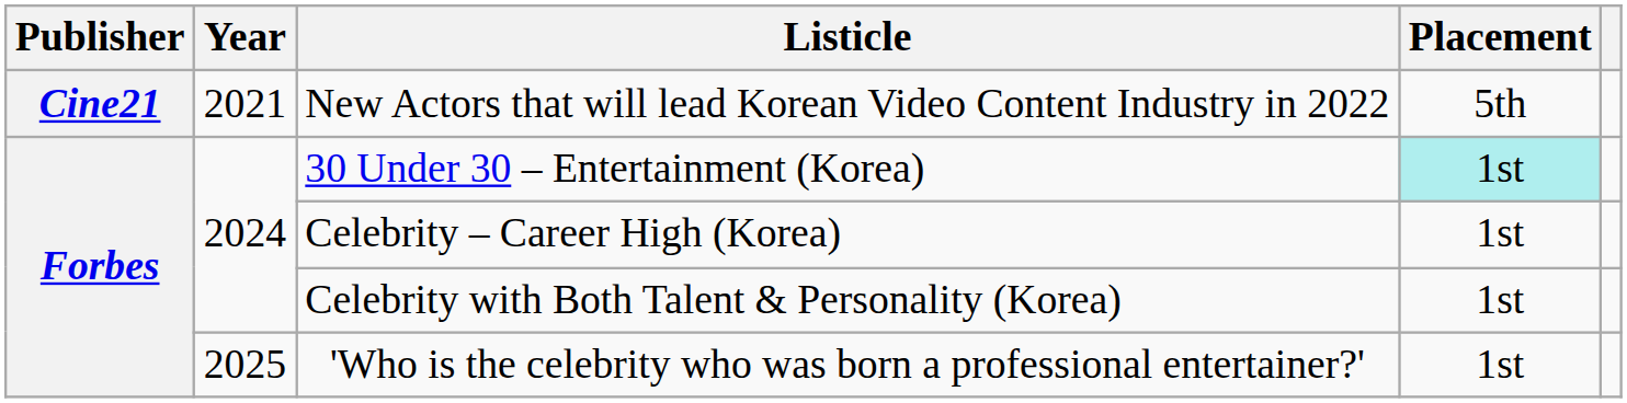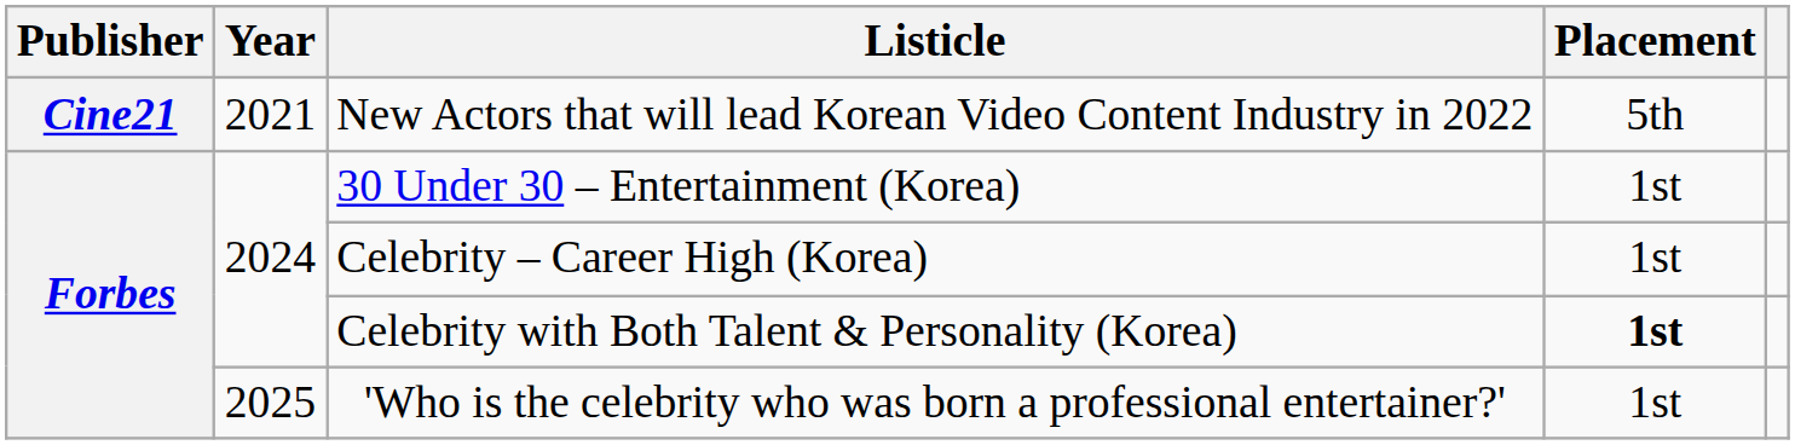 <table class="wikitable plainrowheaders" style="text-align:center">
 <tr>
 <th scope="col">Publisher</th>
 <th scope="col">Year</th>
 <th scope="col">Listicle</th>
 <th scope="col">Placement</th>
 <th scope="col" class="unsortable"></th>
 </tr>
 <tr>
 <th scope="row"><em><a href='#'>Cine21</a></em></th>
 <td>2021</td>
 <td style="text-align:left">New Actors that will lead Korean Video Content Industry in 2022</td>
 <td>5th</td>
 <td></td>
 </tr>
 <tr>
 <th rowspan="4" scope="row"><em><a href='#'>Forbes</a></em></th>
 <td rowspan="3">2024</td>
 <td style="text-align:left"><a href='#'>30 Under 30</a> – Entertainment (Korea)</td>
-<td style="background: paleturquoise;">1st</td>
+<td>1st</td>
 <td></td>
 </tr>
 <tr>
 <td style="text-align:left">Celebrity – Career High (Korea)</td>
 <td>1st</td>
 <td></td>
 </tr>
 <tr>
 <td style="text-align:left">Celebrity with Both Talent & Personality (Korea)</td>
-<td>1st</td>
+<td><strong>1st</strong></td>
 <td></td>
 </tr>
 <tr>
 <td>2025</td>
 <td>'Who is the celebrity who was born a professional entertainer?'</td>
 <td>1st</td>
 <td></td>
 </tr>
 </table>
